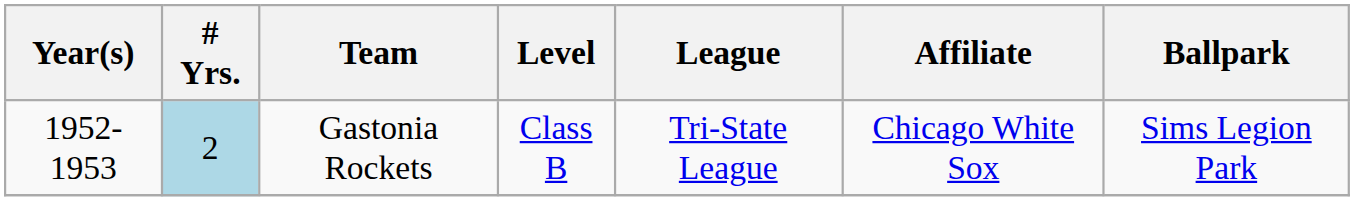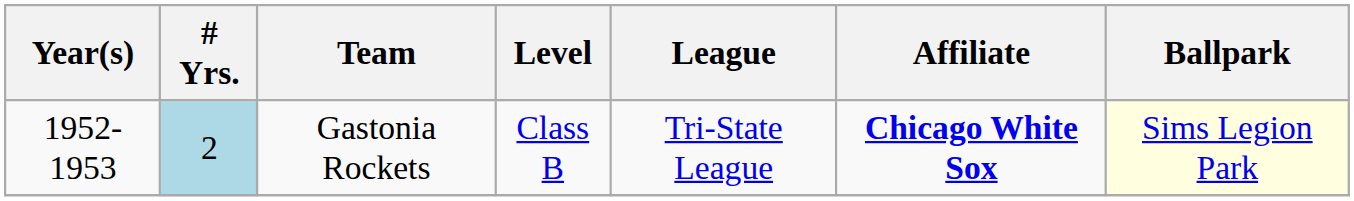 <table class="wikitable" style="text-align:center; font-size: 95%;">
 <tr>
 <th>Year(s)</th>
 <th># Yrs.</th>
 <th>Team</th>
 <th>Level</th>
 <th>League</th>
 <th>Affiliate</th>
 <th>Ballpark</th>
 </tr>
 <tr>
 <td>1952-1953</td>
 <td style="background: lightblue;">2</td>
 <td>Gastonia Rockets</td>
 <td><a href='#'>Class B</a></td>
 <td><a href='#'>Tri-State League</a></td>
-<td><a href='#'>Chicago White Sox</a></td>
-<td><a href='#'>Sims Legion Park</a></td>
+<td><strong><a href='#'>Chicago White Sox</a></strong></td>
+<td style="background: lightyellow;"><a href='#'>Sims Legion Park</a></td>
 </tr>
 <tr>
 </tr>
 </table>
